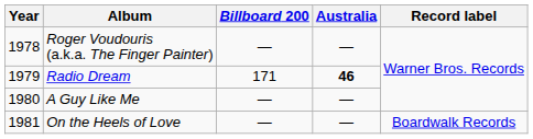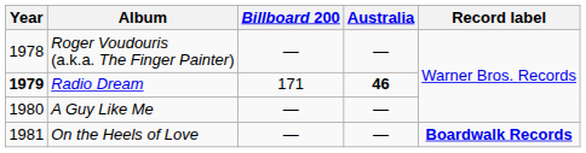 <table class="wikitable" style=text-align:center;>
 <tr>
 <th>Year</th>
 <th>Album</th>
 <th><a href='#'><em>Billboard</em> 200</a></th>
 <th><a href='#'>Australia</a><br></th>
 <th>Record label</th>
 </tr>
 <tr>
 <td>1978</td>
 <td align=left><em>Roger Voudouris</em><br>(a.k.a. <em>The Finger Painter</em>)</td>
 <td>—</td>
 <td>—</td>
 <td rowspan="3"><a href='#'>Warner Bros. Records</a></td>
 </tr>
 <tr>
-<td>1979</td>
+<td><strong>1979</strong></td>
 <td align=left><em><a href='#'>Radio Dream</a></em></td>
 <td>171</td>
 <td><strong>46</strong></td>
 </tr>
 <tr>
 <td>1980</td>
 <td align=left><em>A Guy Like Me</em></td>
 <td>—</td>
 <td>—</td>
 </tr>
 <tr>
 <td>1981</td>
 <td align=left><em>On the Heels of Love</em></td>
 <td>—</td>
 <td>—</td>
-<td><a href='#'>Boardwalk Records</a></td>
+<td><strong><a href='#'>Boardwalk Records</a></strong></td>
 </tr>
 </table>
